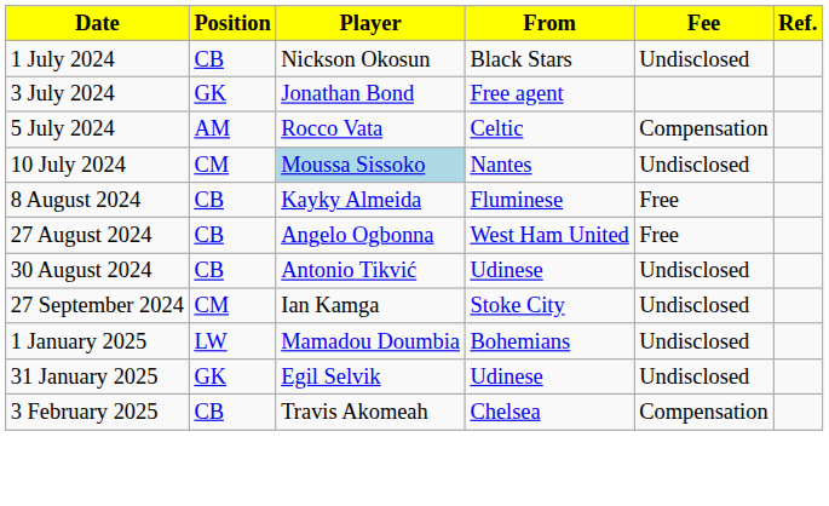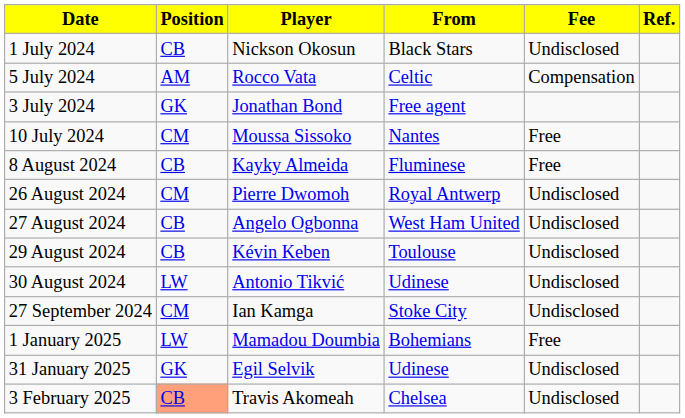 <table class="wikitable plainrowheaders sortable">
 <tr>
 <th style="background:#FFFF00;color:black;">Date</th>
 <th style="background:#FFFF00;color:black;">Position</th>
 <th style="background:#FFFF00;color:black;">Player</th>
 <th style="background:#FFFF00;color:black;">From</th>
 <th style="background:#FFFF00;color:black;">Fee</th>
 <th style="background:#FFFF00;color:black;">Ref.</th>
 </tr>
 <tr>
 <td>1 July 2024</td>
 <td><a href='#'>CB</a></td>
 <td> Nickson Okosun</td>
 <td> Black Stars</td>
 <td>Undisclosed</td>
 <td></td>
 </tr>
 <tr>
+<td>5 July 2024</td>
+<td><a href='#'>AM</a></td>
+<td> <a href='#'>Rocco Vata</a></td>
+<td> <a href='#'>Celtic</a></td>
+<td>Compensation</td>
+<td></td>
+</tr>
+<tr>
 <td>3 July 2024</td>
 <td><a href='#'>GK</a></td>
 <td> <a href='#'>Jonathan Bond</a></td>
 <td> <a href='#'>Free agent</a></td>
 <td></td>
 <td></td>
 </tr>
 <tr>
-<td>5 July 2024</td>
-<td><a href='#'>AM</a></td>
-<td> <a href='#'>Rocco Vata</a></td>
-<td> <a href='#'>Celtic</a></td>
-<td>Compensation</td>
-<td></td>
-</tr>
-<tr>
 <td>10 July 2024</td>
 <td><a href='#'>CM</a></td>
-<td style="background: lightblue;"> <a href='#'>Moussa Sissoko</a></td>
+<td> <a href='#'>Moussa Sissoko</a></td>
 <td> <a href='#'>Nantes</a></td>
-<td>Undisclosed</td>
+<td>Free</td>
 <td></td>
 </tr>
 <tr>
 <td>8 August 2024</td>
 <td><a href='#'>CB</a></td>
 <td> <a href='#'>Kayky Almeida</a></td>
 <td> <a href='#'>Fluminese</a></td>
 <td>Free</td>
 <td></td>
 </tr>
 <tr>
+<td>26 August 2024</td>
+<td><a href='#'>CM</a></td>
+<td> <a href='#'>Pierre Dwomoh</a></td>
+<td> <a href='#'>Royal Antwerp</a></td>
+<td>Undisclosed</td>
+<td></td>
+</tr>
+<tr>
 <td>27 August 2024</td>
 <td><a href='#'>CB</a></td>
 <td> <a href='#'>Angelo Ogbonna</a></td>
 <td> <a href='#'>West Ham United</a></td>
-<td>Free</td>
+<td>Undisclosed</td>
+<td></td>
+</tr>
+<tr>
+<td>29 August 2024</td>
+<td><a href='#'>CB</a></td>
+<td> <a href='#'>Kévin Keben</a></td>
+<td> <a href='#'>Toulouse</a></td>
+<td>Undisclosed</td>
 <td></td>
 </tr>
 <tr>
 <td>30 August 2024</td>
-<td><a href='#'>CB</a></td>
+<td><a href='#'>LW</a></td>
 <td> <a href='#'>Antonio Tikvić</a></td>
 <td> <a href='#'>Udinese</a></td>
 <td>Undisclosed</td>
 <td></td>
 </tr>
 <tr>
 <td>27 September 2024</td>
 <td><a href='#'>CM</a></td>
 <td> Ian Kamga</td>
 <td> <a href='#'>Stoke City</a></td>
 <td>Undisclosed</td>
 <td></td>
 </tr>
 <tr>
 <td>1 January 2025</td>
 <td><a href='#'>LW</a></td>
 <td> <a href='#'>Mamadou Doumbia</a></td>
 <td> <a href='#'>Bohemians</a></td>
-<td>Undisclosed</td>
+<td>Free</td>
 <td></td>
 </tr>
 <tr>
 <td>31 January 2025</td>
 <td><a href='#'>GK</a></td>
 <td> <a href='#'>Egil Selvik</a></td>
 <td> <a href='#'>Udinese</a></td>
 <td>Undisclosed</td>
 <td></td>
 </tr>
 <tr>
 <td>3 February 2025</td>
-<td><a href='#'>CB</a></td>
+<td style="background: lightsalmon;"><a href='#'>CB</a></td>
 <td> Travis Akomeah</td>
 <td> <a href='#'>Chelsea</a></td>
-<td>Compensation</td>
+<td>Undisclosed</td>
 <td></td>
 </tr>
 </table>
